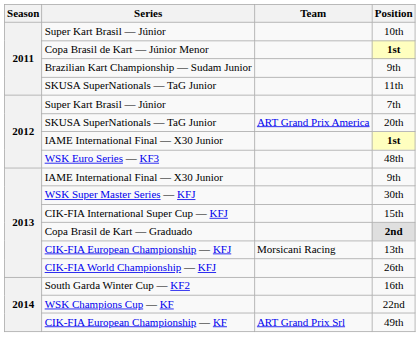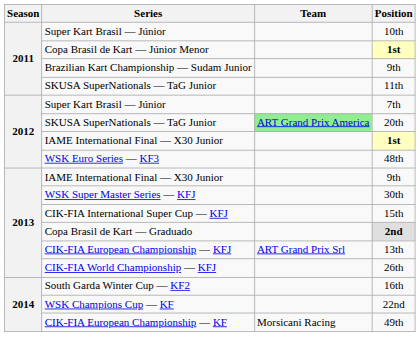 <table class="wikitable" style="font-size: 85%; text-align:center">
 <tr>
 <th>Season</th>
 <th>Series</th>
 <th>Team</th>
 <th>Position</th>
 </tr>
 <tr>
 <th rowspan="4">2011</th>
 <td align="left">Super Kart Brasil — Júnior</td>
 <td align="left"></td>
 <td>10th</td>
 </tr>
 <tr>
 <td align="left">Copa Brasil de Kart — Júnior Menor</td>
 <td align="left"></td>
 <td style="background:#FFFFBF;"><strong>1st</strong></td>
 </tr>
 <tr>
 <td align="left">Brazilian Kart Championship — Sudam Junior</td>
 <td align="left"></td>
 <td>9th</td>
 </tr>
 <tr>
 <td align="left">SKUSA SuperNationals — TaG Junior</td>
 <td align="left"></td>
 <td>11th</td>
 </tr>
 <tr>
 <th rowspan="4">2012</th>
 <td align="left">Super Kart Brasil — Júnior</td>
 <td align="left"></td>
 <td>7th</td>
 </tr>
 <tr>
 <td align="left">SKUSA SuperNationals — TaG Junior</td>
-<td align="left"><a href='#'>ART Grand Prix America</a></td>
+<td align="left" style="background: lightgreen;"><a href='#'>ART Grand Prix America</a></td>
 <td>20th</td>
 </tr>
 <tr>
 <td align="left">IAME International Final — X30 Junior</td>
 <td></td>
 <td style="background:#FFFFBF;"><strong>1st</strong></td>
 </tr>
 <tr>
 <td align="left"><a href='#'>WSK Euro Series</a> — <a href='#'>KF3</a></td>
 <td align="left"></td>
 <td>48th</td>
 </tr>
 <tr>
 <th rowspan="6">2013</th>
 <td align="left">IAME International Final — X30 Junior</td>
 <td align="left"></td>
 <td>9th</td>
 </tr>
 <tr>
 <td align="left"><a href='#'>WSK Super Master Series</a> — <a href='#'>KFJ</a></td>
 <td align="left"></td>
 <td>30th</td>
 </tr>
 <tr>
 <td align="left">CIK-FIA International Super Cup — <a href='#'>KFJ</a></td>
 <td align="left"></td>
 <td>15th</td>
 </tr>
 <tr>
 <td align="left">Copa Brasil de Kart — Graduado</td>
 <td></td>
 <td style="background:#DFDFDF;"><strong>2nd</strong></td>
 </tr>
 <tr>
 <td align="left"><a href='#'>CIK-FIA European Championship</a> — <a href='#'>KFJ</a></td>
-<td align="left">Morsicani Racing</td>
+<td align="left"><a href='#'>ART Grand Prix Srl</a></td>
 <td>13th</td>
 </tr>
 <tr>
 <td align="left"><a href='#'>CIK-FIA World Championship</a> — <a href='#'>KFJ</a></td>
 <td align="left"></td>
 <td>26th</td>
 </tr>
 <tr>
 <th rowspan="3">2014</th>
 <td align="left">South Garda Winter Cup — <a href='#'>KF2</a></td>
 <td align="left"></td>
 <td>16th</td>
 </tr>
 <tr>
 <td align="left"><a href='#'>WSK Champions Cup</a> — <a href='#'>KF</a></td>
 <td align="left"></td>
 <td>22nd</td>
 </tr>
 <tr>
 <td align="left"><a href='#'>CIK-FIA European Championship</a> — <a href='#'>KF</a></td>
-<td align="left"><a href='#'>ART Grand Prix Srl</a></td>
+<td align="left">Morsicani Racing</td>
 <td>49th</td>
 </tr>
 </table>
